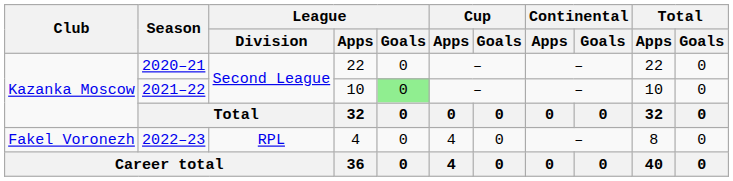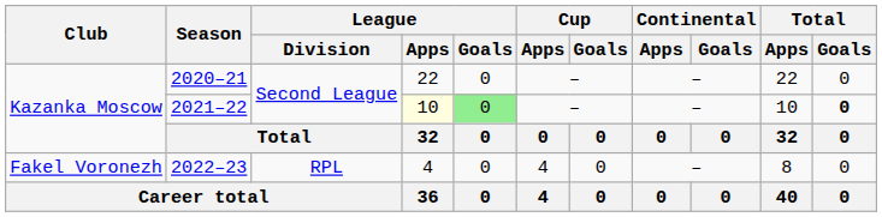 <table class="wikitable" style="text-align: center;">
 <tr>
 <th rowspan=2>Club</th>
 <th rowspan=2>Season</th>
 <th colspan=3>League</th>
 <th colspan=2>Cup</th>
 <th colspan=2>Continental</th>
 <th colspan=2>Total</th>
 </tr>
 <tr>
 <th>Division</th>
 <th>Apps</th>
 <th>Goals</th>
 <th>Apps</th>
 <th>Goals</th>
 <th>Apps</th>
 <th>Goals</th>
 <th>Apps</th>
 <th>Goals</th>
 </tr>
 <tr>
 <td rowspan="3"><a href='#'>Kazanka Moscow</a></td>
 <td><a href='#'>2020–21</a></td>
 <td rowspan="2"><a href='#'>Second League</a></td>
 <td>22</td>
 <td>0</td>
 <td colspan=2>–</td>
 <td colspan=2>–</td>
 <td>22</td>
 <td>0</td>
 </tr>
 <tr>
 <td><a href='#'>2021–22</a></td>
-<td>10</td>
+<td style="background: lightyellow;">10</td>
 <td style="background: lightgreen;">0</td>
 <td colspan=2>–</td>
 <td colspan=2>–</td>
 <td>10</td>
-<td>0</td>
+<td><strong>0</strong></td>
 </tr>
 <tr>
 <th colspan=2>Total</th>
 <th>32</th>
 <th>0</th>
 <th>0</th>
 <th>0</th>
 <th>0</th>
 <th>0</th>
 <th>32</th>
 <th>0</th>
 </tr>
 <tr>
 <td><a href='#'>Fakel Voronezh</a></td>
 <td><a href='#'>2022–23</a></td>
 <td><a href='#'>RPL</a></td>
 <td>4</td>
 <td>0</td>
 <td>4</td>
 <td>0</td>
 <td colspan=2>–</td>
 <td>8</td>
 <td>0</td>
 </tr>
 <tr>
 <th colspan=3>Career total</th>
 <th>36</th>
 <th>0</th>
 <th>4</th>
 <th>0</th>
 <th>0</th>
 <th>0</th>
 <th>40</th>
 <th>0</th>
 </tr>
 </table>
